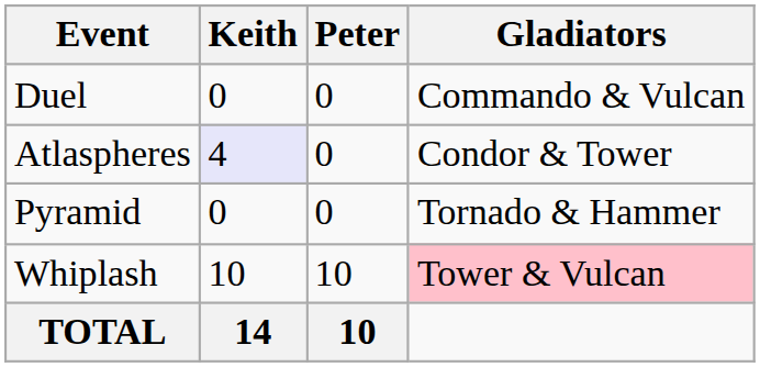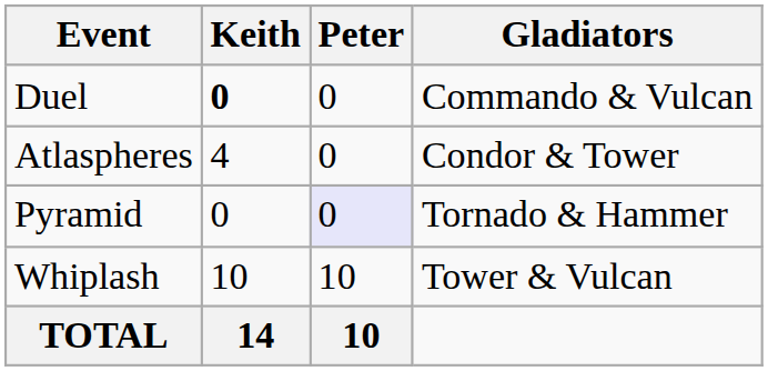 <table class="wikitable">
 <tr>
 <th>Event</th>
 <th>Keith</th>
 <th>Peter</th>
 <th>Gladiators</th>
 </tr>
 <tr>
 <td>Duel</td>
-<td>0</td>
+<td><strong>0</strong></td>
 <td>0</td>
 <td>Commando & Vulcan</td>
 </tr>
 <tr>
 <td>Atlaspheres</td>
-<td style="background: lavender;">4</td>
+<td>4</td>
 <td>0</td>
 <td>Condor & Tower</td>
 </tr>
 <tr>
 <td>Pyramid</td>
 <td>0</td>
-<td>0</td>
+<td style="background: lavender;">0</td>
 <td>Tornado & Hammer</td>
 </tr>
 <tr>
 <td>Whiplash</td>
 <td>10</td>
 <td>10</td>
-<td style="background: pink;">Tower & Vulcan</td>
+<td>Tower & Vulcan</td>
 </tr>
 <tr>
 <th>TOTAL</th>
 <th>14</th>
 <th>10</th>
 </tr>
 </table>
